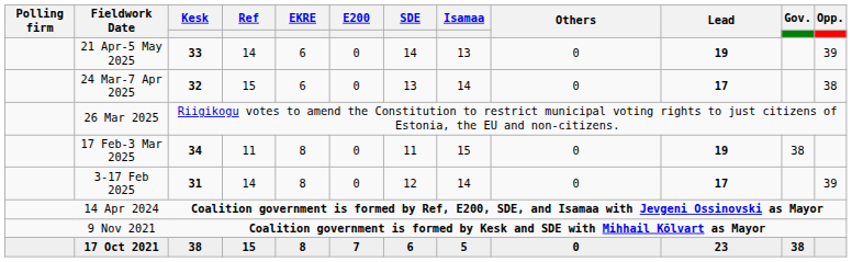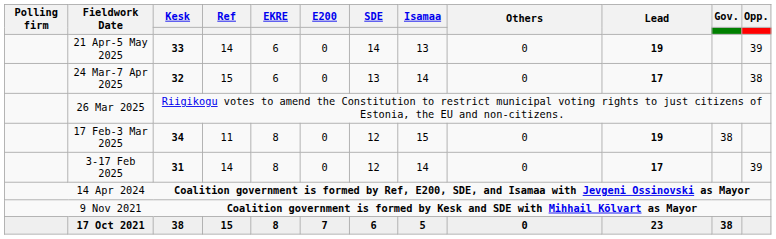 <table class="wikitable sortable mw-datatable" style="text-align:center;font-size:90%;line-height:14px;">
 <tr>
 <th rowspan="2">Polling firm</th>
 <th rowspan="2">Fieldwork Date</th>
 <th class="unsortable" style="width:50px;"><a href='#'>Kesk</a></th>
 <th class="unsortable" style="width:50px;"><a href='#'>Ref</a></th>
 <th class="unsortable" style="width:50px;"><a href='#'>EKRE</a></th>
 <th class="unsortable" style="width:50px;"><a href='#'>E200</a></th>
 <th class="unsortable" style="width:50px;"><a href='#'>SDE</a></th>
 <th class="unsortable" style="width:50px;"><a href='#'>Isamaa</a></th>
 <th rowspan="2" class="unsortable">Others</th>
 <th rowspan="2" data-sort-type="number">Lead</th>
 <th class="unsortable" style="width:20px;">Gov.</th>
 <th class="unsortable" style="width:20px;">Opp.</th>
 </tr>
 <tr style="text-align:center;">
 <th data-sort-type="number" style="background:"></th>
 <th data-sort-type="number" style="background:"></th>
 <th data-sort-type="number" style="background:"></th>
 <th data-sort-type="number" style="background:"></th>
 <th data-sort-type="number" style="background:"></th>
 <th data-sort-type="number" style="background:"></th>
 <th data-sort-type="number" style="background:Green;"></th>
 <th data-sort-type="number" style="background:Red;"></th>
 </tr>
 <tr>
 <td></td>
 <td>21 Apr-5 May 2025</td>
 <td><strong>33</strong></td>
 <td>14</td>
 <td>6</td>
 <td>0</td>
 <td>14</td>
 <td>13</td>
 <td>0</td>
 <td style="background:"><strong>19</strong></td>
 <td></td>
 <td>39</td>
 </tr>
 <tr>
 <td></td>
 <td>24 Mar-7 Apr 2025</td>
 <td><strong>32</strong></td>
 <td>15</td>
 <td>6</td>
 <td>0</td>
 <td>13</td>
 <td>14</td>
 <td>0</td>
 <td style="background:"><strong>17</strong></td>
 <td></td>
 <td>38</td>
 </tr>
 <tr>
 <td></td>
 <td>26 Mar 2025</td>
 <td colspan="10"><a href='#'>Riigikogu</a> votes to amend the Constitution to restrict municipal voting rights to just citizens of Estonia, the EU and non-citizens.</td>
 </tr>
 <tr>
 <td></td>
 <td>17 Feb-3 Mar 2025</td>
 <td><strong>34</strong></td>
 <td>11</td>
 <td>8</td>
 <td>0</td>
-<td>11</td>
+<td>12</td>
 <td>15</td>
 <td>0</td>
 <td style="background:"><strong>19</strong></td>
 <td>38</td>
 <td></td>
 </tr>
 <tr>
 <td></td>
 <td>3-17 Feb 2025</td>
 <td><strong>31</strong></td>
 <td>14</td>
 <td>8</td>
 <td>0</td>
 <td>12</td>
 <td>14</td>
 <td>0</td>
 <td style="background:"><strong>17</strong></td>
 <td></td>
 <td>39</td>
 </tr>
 <tr>
 <td style="border-right-style:hidden;"></td>
 <td style="border-right-style:hidden;">14 Apr 2024</td>
 <td colspan="10"><strong>Coalition government is formed by Ref, E200, SDE, and Isamaa with <a href='#'>Jevgeni Ossinovski</a> as Mayor</strong></td>
 </tr>
 <tr>
 <td style="border-right-style:hidden;"></td>
 <td style="border-right-style:hidden;">9 Nov 2021</td>
 <td colspan="10"><strong>Coalition government is formed by Kesk and SDE with <a href='#'>Mihhail Kõlvart</a> as Mayor</strong></td>
 </tr>
 <tr style="background:#EFEFEF; font-weight:bold;">
 <td></td>
 <td>17 Oct 2021</td>
 <td>38</td>
 <td>15</td>
 <td>8</td>
 <td>7</td>
 <td>6</td>
 <td>5</td>
 <td>0</td>
 <td style="background:">23</td>
 <td>38</td>
 <td></td>
 </tr>
 </table>
